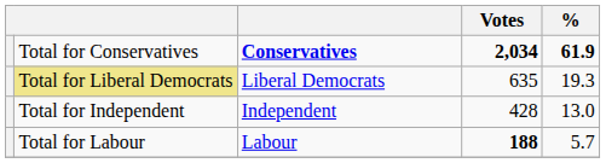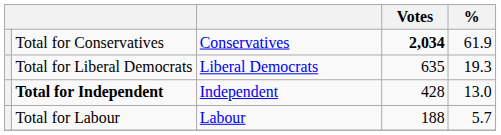 <table class="wikitable">
 <tr>
 <th valign=top colspan="2" style="width: 180px"></th>
 <th valign=top style="width: 180px"></th>
 <th valign=top style="width: 60px">Votes</th>
 <th valign=top style="width: 40px">%</th>
 </tr>
 <tr>
 <th style="background-color: "></th>
 <td>Total for Conservatives</td>
-<td><strong><a href='#'>Conservatives</a></strong></td>
+<td><a href='#'>Conservatives</a></td>
 <td align="right"><strong>2,034</strong></td>
-<td align="right"><strong>61.9</strong></td>
+<td align="right">61.9</td>
 </tr>
 <tr>
 <th style="background-color: "></th>
-<td style="background: khaki;">Total for Liberal Democrats</td>
+<td>Total for Liberal Democrats</td>
 <td><a href='#'>Liberal Democrats</a></td>
 <td align="right">635</td>
 <td align="right">19.3</td>
 </tr>
 <tr>
 <th style="background-color: "></th>
-<td>Total for Independent</td>
+<td><strong>Total for Independent</strong></td>
 <td><a href='#'>Independent</a></td>
 <td align="right">428</td>
 <td align="right">13.0</td>
 </tr>
 <tr>
 <th style="background-color: "></th>
 <td>Total for Labour</td>
 <td><a href='#'>Labour</a></td>
-<td align="right"><strong>188</strong></td>
+<td align="right">188</td>
 <td align="right">5.7</td>
 </tr>
 <tr>
 </tr>
 </table>
